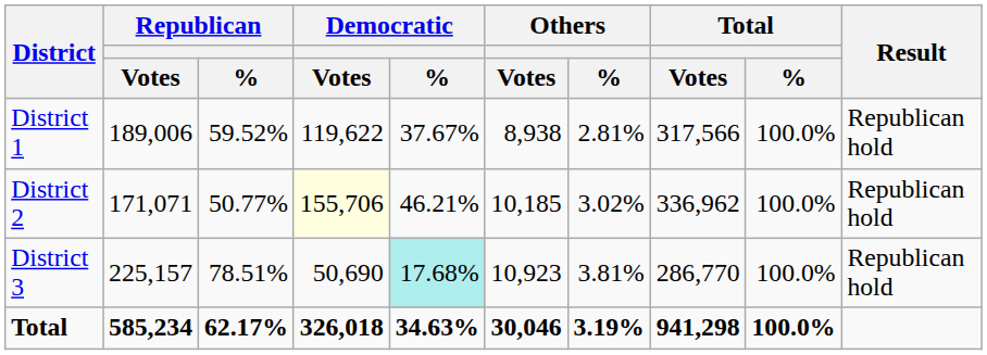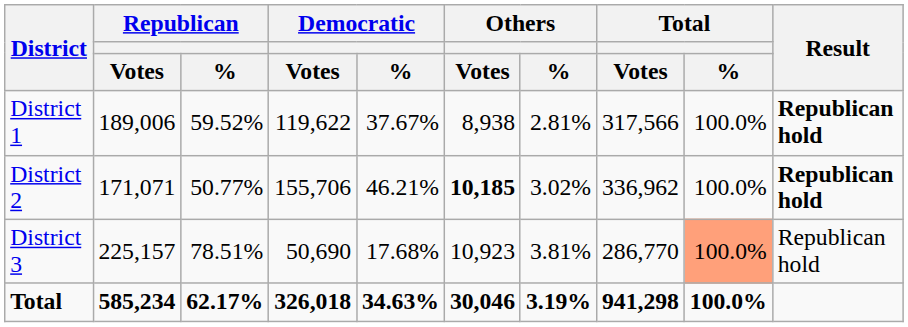 <table class="wikitable plainrowheaders sortable" style="font-size:100%; text-align:right;">
 <tr>
 <th scope=col rowspan=3><a href='#'>District</a></th>
 <th scope=col colspan=2><a href='#'>Republican</a></th>
 <th scope=col colspan=2><a href='#'>Democratic</a></th>
 <th scope=col colspan=2>Others</th>
 <th scope=col colspan=2>Total</th>
 <th scope=col rowspan=3>Result</th>
 </tr>
 <tr>
 <th scope=col colspan=2 style="background:"></th>
 <th scope=col colspan=2 style="background:"></th>
 <th scope=col colspan=2></th>
 <th scope=col colspan=2></th>
 </tr>
 <tr>
 <th scope=col data-sort-type="number">Votes</th>
 <th scope=col data-sort-type="number">%</th>
 <th scope=col data-sort-type="number">Votes</th>
 <th scope=col data-sort-type="number">%</th>
 <th scope=col data-sort-type="number">Votes</th>
 <th scope=col data-sort-type="number">%</th>
 <th scope=col data-sort-type="number">Votes</th>
 <th scope=col data-sort-type="number">%</th>
 </tr>
 <tr>
 <td align=left><a href='#'>District 1</a></td>
 <td>189,006</td>
 <td>59.52%</td>
 <td>119,622</td>
 <td>37.67%</td>
 <td>8,938</td>
 <td>2.81%</td>
 <td>317,566</td>
 <td>100.0%</td>
-<td align=left>Republican hold</td>
+<td align=left><strong>Republican hold</strong></td>
 </tr>
 <tr>
 <td align=left><a href='#'>District 2</a></td>
 <td>171,071</td>
 <td>50.77%</td>
-<td style="background: lightyellow;">155,706</td>
+<td>155,706</td>
 <td>46.21%</td>
-<td>10,185</td>
+<td><strong>10,185</strong></td>
 <td>3.02%</td>
 <td>336,962</td>
 <td>100.0%</td>
-<td align=left>Republican hold</td>
+<td align=left><strong>Republican hold</strong></td>
 </tr>
 <tr>
 <td align=left><a href='#'>District 3</a></td>
 <td>225,157</td>
 <td>78.51%</td>
 <td>50,690</td>
-<td style="background: paleturquoise;">17.68%</td>
+<td>17.68%</td>
 <td>10,923</td>
 <td>3.81%</td>
 <td>286,770</td>
-<td>100.0%</td>
+<td style="background: lightsalmon;">100.0%</td>
 <td align=left>Republican hold</td>
 </tr>
 <tr class="sortbottom" style="font-weight:bold">
 <td align=left>Total</td>
 <td>585,234</td>
 <td>62.17%</td>
 <td>326,018</td>
 <td>34.63%</td>
 <td>30,046</td>
 <td>3.19%</td>
 <td>941,298</td>
 <td>100.0%</td>
 <td></td>
 </tr>
 </table>
